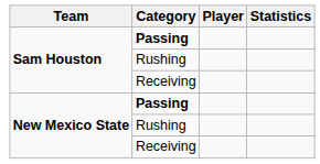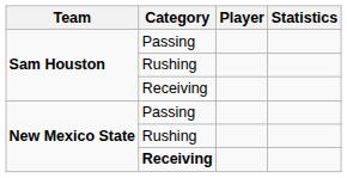 <table class="wikitable" style="float: right;">
 <tr>
 <th>Team</th>
 <th>Category</th>
 <th>Player</th>
 <th>Statistics</th>
 </tr>
 <tr>
 <td rowspan=3><strong>Sam Houston</strong></td>
-<td><strong>Passing</strong></td>
+<td>Passing</td>
 <td></td>
 <td></td>
 </tr>
 <tr>
 <td>Rushing</td>
 <td></td>
 <td></td>
 </tr>
 <tr>
 <td>Receiving</td>
 <td></td>
 <td></td>
 </tr>
 <tr>
 <td rowspan=3><strong>New Mexico State</strong></td>
-<td><strong>Passing</strong></td>
+<td>Passing</td>
 <td></td>
 <td></td>
 </tr>
 <tr>
 <td>Rushing</td>
 <td></td>
 <td></td>
 </tr>
 <tr>
-<td>Receiving</td>
+<td><strong>Receiving</strong></td>
 <td></td>
 <td></td>
 </tr>
 </table>
